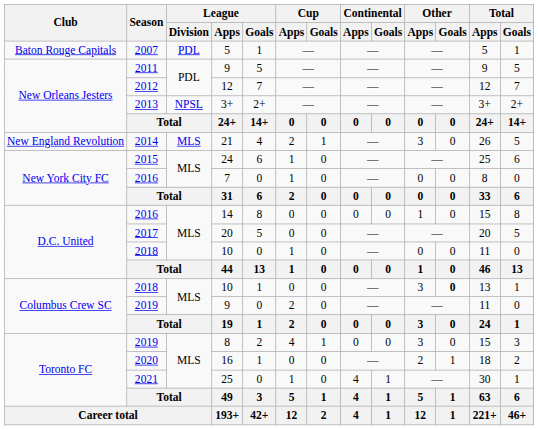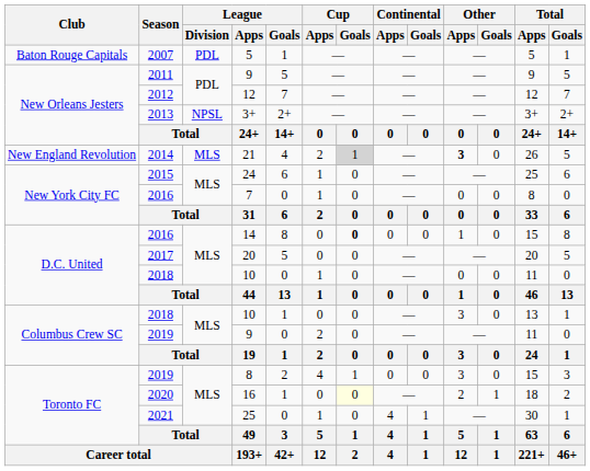 <table class="wikitable" style="text-align: center">
 <tr>
 <th rowspan=2>Club</th>
 <th rowspan=2>Season</th>
 <th colspan=3>League</th>
 <th colspan=2>Cup</th>
 <th colspan=2>Continental</th>
 <th colspan=2>Other</th>
 <th colspan=2>Total</th>
 </tr>
 <tr>
 <th>Division</th>
 <th>Apps</th>
 <th>Goals</th>
 <th>Apps</th>
 <th>Goals</th>
 <th>Apps</th>
 <th>Goals</th>
 <th>Apps</th>
 <th>Goals</th>
 <th>Apps</th>
 <th>Goals</th>
 </tr>
 <tr>
 <td><a href='#'>Baton Rouge Capitals</a></td>
 <td><a href='#'>2007</a></td>
 <td><a href='#'>PDL</a></td>
 <td>5</td>
 <td>1</td>
 <td colspan=2>—</td>
 <td colspan=2>—</td>
 <td colspan=2>—</td>
 <td>5</td>
 <td>1</td>
 </tr>
 <tr>
 <td rowspan=4><a href='#'>New Orleans Jesters</a></td>
 <td><a href='#'>2011</a></td>
 <td rowspan=2>PDL</td>
 <td>9</td>
 <td>5</td>
 <td colspan=2>—</td>
 <td colspan=2>—</td>
 <td colspan=2>—</td>
 <td>9</td>
 <td>5</td>
 </tr>
 <tr>
 <td><a href='#'>2012</a></td>
 <td>12</td>
 <td>7</td>
 <td colspan=2>—</td>
 <td colspan=2>—</td>
 <td colspan=2>—</td>
 <td>12</td>
 <td>7</td>
 </tr>
 <tr>
 <td><a href='#'>2013</a></td>
 <td><a href='#'>NPSL</a></td>
 <td>3+</td>
 <td>2+</td>
 <td colspan=2>—</td>
 <td colspan=2>—</td>
 <td colspan=2>—</td>
 <td>3+</td>
 <td>2+</td>
 </tr>
 <tr>
 <th colspan=2>Total</th>
 <th>24+</th>
 <th>14+</th>
 <th>0</th>
 <th>0</th>
 <th>0</th>
 <th>0</th>
 <th>0</th>
 <th>0</th>
 <th>24+</th>
 <th>14+</th>
 </tr>
 <tr>
 <td><a href='#'>New England Revolution</a></td>
 <td><a href='#'>2014</a></td>
 <td><a href='#'>MLS</a></td>
 <td>21</td>
 <td>4</td>
 <td>2</td>
-<td>1</td>
+<td style="background: lightgrey;">1</td>
 <td colspan=2>—</td>
-<td>3</td>
+<td><strong>3</strong></td>
 <td>0</td>
 <td>26</td>
 <td>5</td>
 </tr>
 <tr>
 <td rowspan=3><a href='#'>New York City FC</a></td>
 <td><a href='#'>2015</a></td>
 <td rowspan=2>MLS</td>
 <td>24</td>
 <td>6</td>
 <td>1</td>
 <td>0</td>
 <td colspan=2>—</td>
 <td colspan=2>—</td>
 <td>25</td>
 <td>6</td>
 </tr>
 <tr>
 <td><a href='#'>2016</a></td>
 <td>7</td>
 <td>0</td>
 <td>1</td>
 <td>0</td>
 <td colspan=2>—</td>
 <td>0</td>
 <td>0</td>
 <td>8</td>
 <td>0</td>
 </tr>
 <tr>
 <th colspan=2>Total</th>
 <th>31</th>
 <th>6</th>
 <th>2</th>
 <th>0</th>
 <th>0</th>
 <th>0</th>
 <th>0</th>
 <th>0</th>
 <th>33</th>
 <th>6</th>
 </tr>
 <tr>
 <td rowspan=4><a href='#'>D.C. United</a></td>
 <td><a href='#'>2016</a></td>
 <td rowspan=3>MLS</td>
 <td>14</td>
 <td>8</td>
 <td>0</td>
-<td>0</td>
+<td><strong>0</strong></td>
 <td>0</td>
 <td>0</td>
 <td>1</td>
 <td>0</td>
 <td>15</td>
 <td>8</td>
 </tr>
 <tr>
 <td><a href='#'>2017</a></td>
 <td>20</td>
 <td>5</td>
 <td>0</td>
 <td>0</td>
 <td colspan=2>—</td>
 <td colspan=2>—</td>
 <td>20</td>
 <td>5</td>
 </tr>
 <tr>
 <td><a href='#'>2018</a></td>
 <td>10</td>
 <td>0</td>
 <td>1</td>
 <td>0</td>
 <td colspan=2>—</td>
 <td>0</td>
 <td>0</td>
 <td>11</td>
 <td>0</td>
 </tr>
 <tr>
 <th colspan=2>Total</th>
 <th>44</th>
 <th>13</th>
 <th>1</th>
 <th>0</th>
 <th>0</th>
 <th>0</th>
 <th>1</th>
 <th>0</th>
 <th>46</th>
 <th>13</th>
 </tr>
 <tr>
 <td rowspan=3><a href='#'>Columbus Crew SC</a></td>
 <td><a href='#'>2018</a></td>
 <td rowspan=2>MLS</td>
 <td>10</td>
 <td>1</td>
 <td>0</td>
 <td>0</td>
 <td colspan=2>—</td>
 <td>3</td>
-<td><strong>0</strong></td>
+<td>0</td>
 <td>13</td>
 <td>1</td>
 </tr>
 <tr>
 <td><a href='#'>2019</a></td>
 <td>9</td>
 <td>0</td>
 <td>2</td>
 <td>0</td>
 <td colspan=2>—</td>
 <td colspan=2>—</td>
 <td>11</td>
 <td>0</td>
 </tr>
 <tr>
 <th colspan=2>Total</th>
 <th>19</th>
 <th>1</th>
 <th>2</th>
 <th>0</th>
 <th>0</th>
 <th>0</th>
 <th>3</th>
 <th>0</th>
 <th>24</th>
 <th>1</th>
 </tr>
 <tr>
 <td rowspan=4><a href='#'>Toronto FC</a></td>
 <td><a href='#'>2019</a></td>
 <td rowspan=3>MLS</td>
 <td>8</td>
 <td>2</td>
 <td>4</td>
 <td>1</td>
 <td>0</td>
 <td>0</td>
 <td>3</td>
 <td>0</td>
 <td>15</td>
 <td>3</td>
 </tr>
 <tr>
 <td><a href='#'>2020</a></td>
 <td>16</td>
 <td>1</td>
 <td>0</td>
-<td>0</td>
+<td style="background: lightyellow;">0</td>
 <td colspan=2>—</td>
 <td>2</td>
 <td>1</td>
 <td>18</td>
 <td>2</td>
 </tr>
 <tr>
 <td><a href='#'>2021</a></td>
 <td>25</td>
 <td>0</td>
 <td>1</td>
 <td>0</td>
 <td>4</td>
 <td>1</td>
 <td colspan=2>—</td>
 <td>30</td>
 <td>1</td>
 </tr>
 <tr>
 <th colspan=2>Total</th>
 <th>49</th>
 <th>3</th>
 <th>5</th>
 <th>1</th>
 <th>4</th>
 <th>1</th>
 <th>5</th>
 <th>1</th>
 <th>63</th>
 <th>6</th>
 </tr>
 <tr>
 <th colspan=3>Career total</th>
 <th>193+</th>
 <th>42+</th>
 <th>12</th>
 <th>2</th>
 <th>4</th>
 <th>1</th>
 <th>12</th>
 <th>1</th>
 <th>221+</th>
 <th>46+</th>
 </tr>
 </table>
